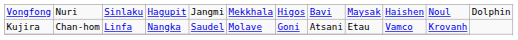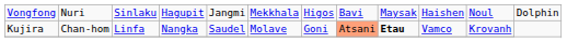 <table class="wikitable">
 <tr>
 <td><a href='#'>Vongfong</a></td>
 <td>Nuri</td>
 <td><a href='#'>Sinlaku</a></td>
 <td><a href='#'>Hagupit</a></td>
 <td>Jangmi</td>
 <td><a href='#'>Mekkhala</a></td>
 <td><a href='#'>Higos</a></td>
 <td><a href='#'>Bavi</a></td>
 <td><a href='#'>Maysak</a></td>
 <td><a href='#'>Haishen</a></td>
 <td><a href='#'>Noul</a></td>
 <td>Dolphin</td>
 </tr>
 <tr>
 <td>Kujira</td>
 <td>Chan-hom</td>
 <td><a href='#'>Linfa</a></td>
 <td><a href='#'>Nangka</a></td>
 <td><a href='#'>Saudel</a></td>
 <td><a href='#'>Molave</a></td>
 <td><a href='#'>Goni</a></td>
-<td>Atsani</td>
-<td>Etau</td>
+<td style="background: lightsalmon;">Atsani</td>
+<td><strong>Etau</strong></td>
 <td><a href='#'>Vamco</a></td>
 <td><a href='#'>Krovanh</a></td>
 </tr>
 <tr>
 </tr>
 </table>
